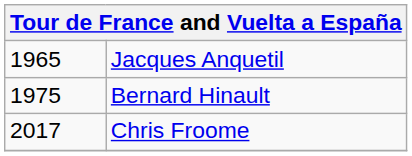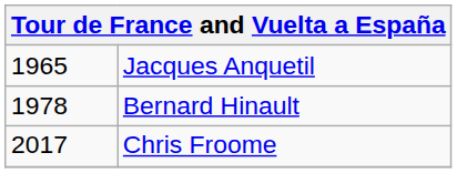 <table class="wikitable">
 <tr>
 <th colspan=2><a href='#'>Tour de France</a> and <a href='#'>Vuelta a España</a></th>
 </tr>
 <tr>
 <td>1965</td>
 <td> <a href='#'>Jacques Anquetil</a></td>
 </tr>
 <tr>
-<td>1975</td>
+<td>1978</td>
 <td> <a href='#'>Bernard Hinault</a></td>
 </tr>
 <tr>
 <td>2017</td>
 <td> <a href='#'>Chris Froome</a></td>
 </tr>
 <tr>
 </tr>
 </table>
